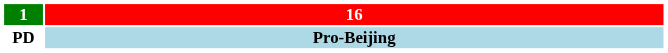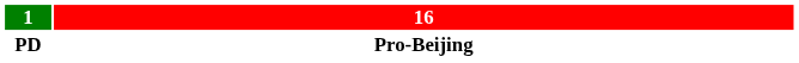 <table style="width:50%; text-align:center;">
 <tr style="color:white;">
 <td style="background:green; width:5.88%;"><strong>1</strong></td>
 <td style="background:red; width:94.12%;"><strong>16</strong></td>
 </tr>
 <tr>
 <td><span><strong>PD</strong></span></td>
-<td style="background: lightblue;"><span><strong>Pro-Beijing</strong></span></td>
+<td><span><strong>Pro-Beijing</strong></span></td>
 </tr>
 </table>
